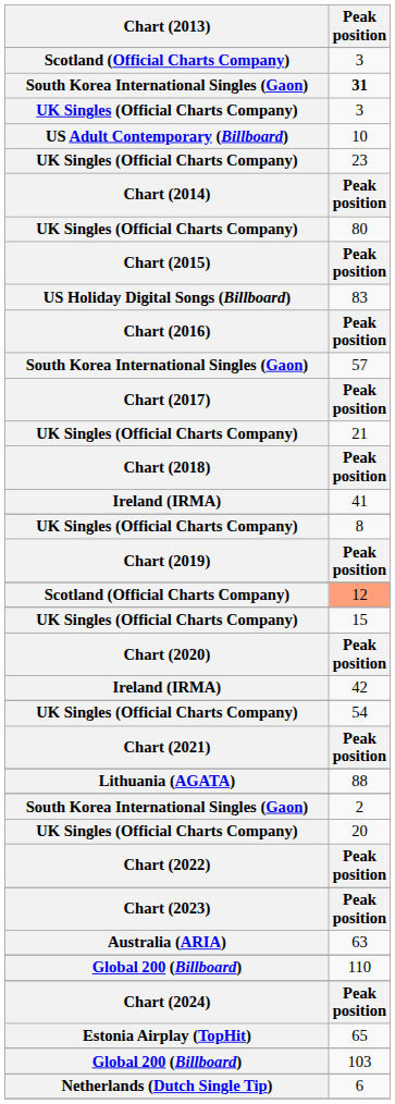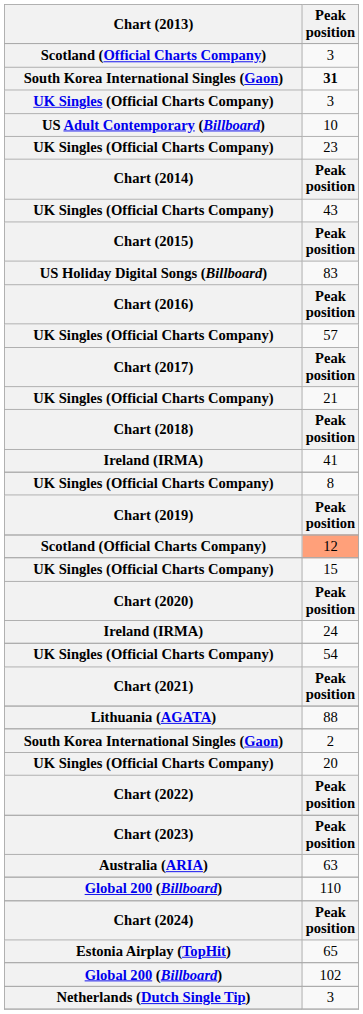 <table class="wikitable plainrowheaders" style="text-align:center">
 <tr>
 <th scope="col" style="width:20em;">Chart (2013)</th>
 <th scope="col">Peak<br>position</th>
 </tr>
 <tr>
 </tr>
 <tr>
 </tr>
 <tr>
 </tr>
 <tr>
 </tr>
 <tr>
 <th scope="row">Scotland (<a href='#'>Official Charts Company</a>)</th>
 <td>3</td>
 </tr>
 <tr>
 <th scope="row">South Korea International Singles (<a href='#'>Gaon</a>)</th>
 <td><strong>31</strong></td>
 </tr>
 <tr>
 <th scope="row"><a href='#'>UK Singles</a> (Official Charts Company)</th>
 <td>3</td>
 </tr>
 <tr>
 <th scope="row">US <a href='#'>Adult Contemporary</a> (<em><a href='#'>Billboard</a></em>)</th>
 <td>10</td>
 </tr>
 <tr>
 <th scope="row">UK Singles (Official Charts Company)</th>
 <td>23</td>
 </tr>
 <tr>
 <th scope="col" style="width:20em;">Chart (2014)</th>
 <th scope="col">Peak<br>position</th>
 </tr>
 <tr>
 <th scope="row">UK Singles (Official Charts Company)</th>
-<td>80</td>
+<td>43</td>
 </tr>
 <tr>
 <th scope="col" style="width:20em;">Chart (2015)</th>
 <th scope="col">Peak<br>position</th>
 </tr>
 <tr>
 <th scope="row">US Holiday Digital Songs (<em>Billboard</em>)</th>
 <td>83</td>
 </tr>
 <tr>
 <th scope="col" style="width:20em;">Chart (2016)</th>
 <th scope="col">Peak<br>position</th>
 </tr>
 <tr>
-<th scope="row">South Korea International Singles (<a href='#'>Gaon</a>)</th>
+<th scope="row">UK Singles (Official Charts Company)</th>
 <td>57</td>
 </tr>
 <tr>
 <th scope="col" style="width:20em;">Chart (2017)</th>
 <th scope="col">Peak<br>position</th>
 </tr>
 <tr>
 <th scope="row">UK Singles (Official Charts Company)</th>
 <td>21</td>
 </tr>
 <tr>
 <th scope="col" style="width:20em;">Chart (2018)</th>
 <th scope="col">Peak<br>position</th>
 </tr>
 <tr>
 <th scope="row">Ireland (IRMA)</th>
 <td>41</td>
 </tr>
 <tr>
 </tr>
 <tr>
 <th scope="row">UK Singles (Official Charts Company)</th>
 <td>8</td>
 </tr>
 <tr>
 <th scope="col" style="width:20em;">Chart (2019)</th>
 <th scope="col">Peak<br>position</th>
 </tr>
 <tr>
 </tr>
 <tr>
 <th scope="row">Scotland (Official Charts Company)</th>
 <td style="background: lightsalmon;">12</td>
 </tr>
 <tr>
 </tr>
 <tr>
 <th scope="row">UK Singles (Official Charts Company)</th>
 <td>15</td>
 </tr>
 <tr>
 <th scope="col" style="width:20em;">Chart (2020)</th>
 <th scope="col">Peak<br>position</th>
 </tr>
 <tr>
 <th scope="row">Ireland (IRMA)</th>
-<td>42</td>
+<td>24</td>
 </tr>
 <tr>
 </tr>
 <tr>
 <th scope="row">UK Singles (Official Charts Company)</th>
 <td>54</td>
 </tr>
 <tr>
 <th scope="col" style="width:20em;">Chart (2021)</th>
 <th scope="col">Peak<br>position</th>
 </tr>
 <tr>
 </tr>
 <tr>
 </tr>
 <tr>
 </tr>
 <tr>
 <th scope="row">Lithuania (<a href='#'>AGATA</a>)</th>
 <td>88</td>
 </tr>
 <tr>
 </tr>
 <tr>
 <th scope="row">South Korea International Singles (<a href='#'>Gaon</a>)</th>
 <td>2</td>
 </tr>
 <tr>
 <th scope="row">UK Singles (Official Charts Company)</th>
 <td>20</td>
 </tr>
 <tr>
 <th scope="col" style="width:20em;">Chart (2022)</th>
 <th scope="col">Peak<br>position</th>
 </tr>
 <tr>
 </tr>
 <tr>
 </tr>
 <tr>
 </tr>
 <tr>
 </tr>
 <tr>
 </tr>
 <tr>
 </tr>
 <tr>
 <th scope="col" style="width:20em;">Chart (2023)</th>
 <th scope="col">Peak<br>position</th>
 </tr>
 <tr>
 <th scope="row">Australia (<a href='#'>ARIA</a>)</th>
 <td>63</td>
 </tr>
 <tr>
 </tr>
 <tr>
 </tr>
 <tr>
 <th scope="row"><a href='#'>Global 200</a> (<em><a href='#'>Billboard</a></em>)</th>
 <td>110</td>
 </tr>
 <tr>
 </tr>
 <tr>
 </tr>
 <tr>
 </tr>
 <tr>
 </tr>
 <tr>
 <th scope="col" style="width:20em;">Chart (2024)</th>
 <th scope="col">Peak<br>position</th>
 </tr>
 <tr>
 <th scope="row">Estonia Airplay (<a href='#'>TopHit</a>)</th>
 <td>65</td>
 </tr>
 <tr>
 </tr>
 <tr>
 <th scope="row"><a href='#'>Global 200</a> (<em><a href='#'>Billboard</a></em>)</th>
-<td>103</td>
+<td>102</td>
 </tr>
 <tr>
 </tr>
 <tr>
 </tr>
 <tr>
 </tr>
 <tr>
 </tr>
 <tr>
 <th scope="row">Netherlands (<a href='#'>Dutch Single Tip</a>)<br></th>
-<td>6</td>
+<td>3</td>
 </tr>
 <tr>
 </tr>
 </table>
